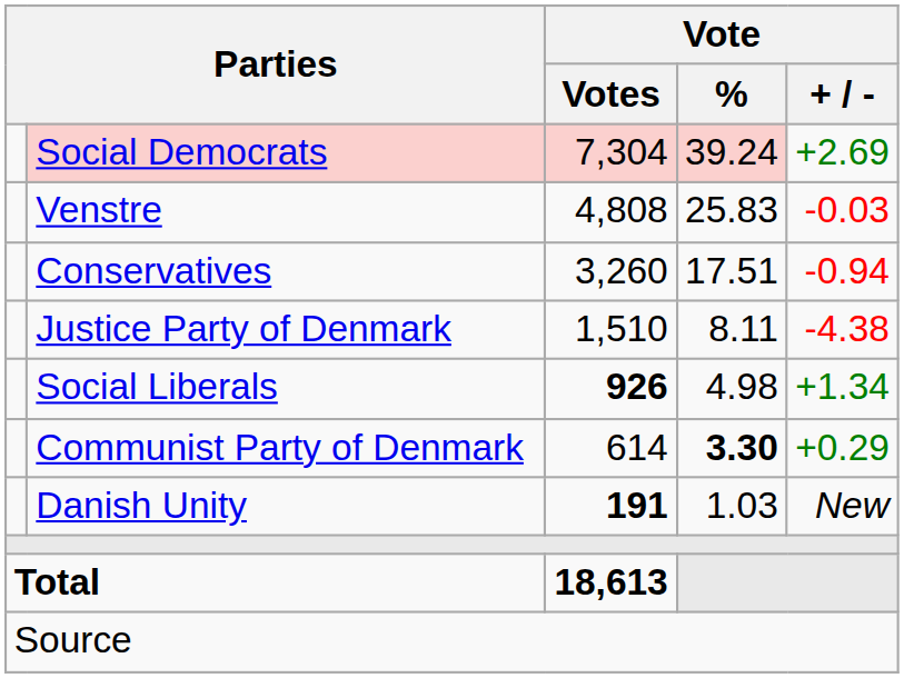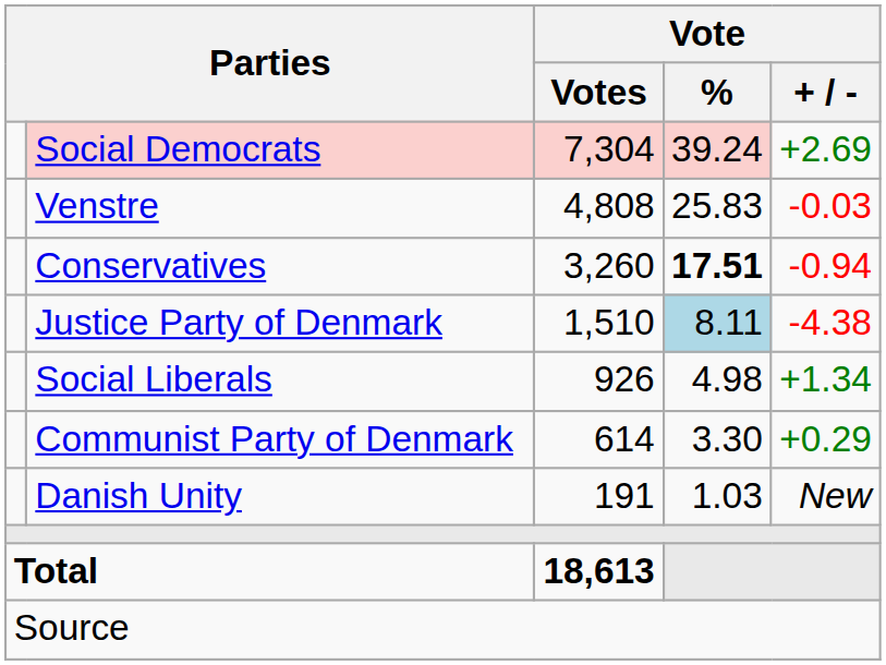 <table class="wikitable" style="text-align:right;">
 <tr>
 <th style="text-align:centre;" rowspan="2" colspan="2" width="225">Parties</th>
 <th colspan="3">Vote</th>
 </tr>
 <tr>
 <th width="15">Votes</th>
 <th width="15">%</th>
 <th width="15">+ / -</th>
 </tr>
 <tr>
 <td width="2" style="color:inherit;background:"></td>
 <td bgcolor=#fbd0ce  align="left"><a href='#'>Social Democrats</a></td>
 <td bgcolor=#fbd0ce>7,304</td>
 <td bgcolor=#fbd0ce>39.24</td>
 <td style=color:green;>+2.69</td>
 </tr>
 <tr>
 <td width="2" style="color:inherit;background:"></td>
 <td align="left"><a href='#'>Venstre</a></td>
 <td>4,808</td>
 <td>25.83</td>
 <td style=color:red;>-0.03</td>
 </tr>
 <tr>
 <td width="2" style="color:inherit;background:"></td>
 <td align="left"><a href='#'>Conservatives</a></td>
 <td>3,260</td>
-<td>17.51</td>
+<td><strong>17.51</strong></td>
 <td style=color:red;>-0.94</td>
 </tr>
 <tr>
 <td width="2" style="color:inherit;background:"></td>
 <td align="left"><a href='#'>Justice Party of Denmark</a></td>
 <td>1,510</td>
-<td>8.11</td>
+<td style="background: lightblue;">8.11</td>
 <td style=color:red;>-4.38</td>
 </tr>
 <tr>
 <td width="2" style="color:inherit;background:"></td>
 <td align="left"><a href='#'>Social Liberals</a></td>
-<td><strong>926</strong></td>
+<td>926</td>
 <td>4.98</td>
 <td style=color:green;>+1.34</td>
 </tr>
 <tr>
 <td width="2" style="color:inherit;background:"></td>
 <td align="left"><a href='#'>Communist Party of Denmark</a></td>
 <td>614</td>
-<td><strong>3.30</strong></td>
+<td>3.30</td>
 <td style=color:green;>+0.29</td>
 </tr>
 <tr>
 <td width="2" style="color:inherit;background:"></td>
 <td align="left"><a href='#'>Danish Unity</a></td>
-<td><strong>191</strong></td>
+<td>191</td>
 <td>1.03</td>
 <td><em>New</em></td>
 </tr>
 <tr>
 <td colspan="7" bgcolor="#E9E9E9"></td>
 </tr>
 <tr>
 <td align="left" colspan="2"><strong>Total</strong></td>
 <td><strong>18,613</strong></td>
 <td bgcolor="#E9E9E9" colspan="2"></td>
 </tr>
 <tr>
 <td align="left" colspan="6">Source</td>
 </tr>
 </table>
